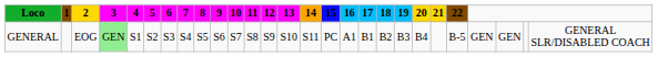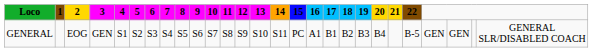 <table class="wikitable plainrowheaders unsortable" style="text-align:center">
 <tr>
 <th scope="col" rowspan="1" style="background:#12ad2b;"><span> Loco</span></th>
 <th scope="col" rowspan="1" style="background:#804a00;"><span> 1</span></th>
 <th scope="col" rowspan="1" style="background:#ffd801;"><span> 2</span></th>
 <th scope="col" rowspan="1" style="background:#ff00ff;"><span> 3</span></th>
 <th scope="col" rowspan="1" style="background:#ff00ff;"><span> 4</span></th>
 <th scope="col" rowspan="1" style="background:#ff00ff;"><span> 5</span></th>
 <th scope="col" rowspan="1" style="background:#ff00ff;"><span> 6</span></th>
 <th scope="col" rowspan="1" style="background:#ff00ff;"><span> 7</span></th>
 <th scope="col" rowspan="1" style="background:#ff00ff;"><span> 8</span></th>
 <th scope="col" rowspan="1" style="background:#ff00ff;"><span> 9</span></th>
 <th scope="col" rowspan="1" style="background:#ff00ff;"><span> 10</span></th>
 <th scope="col" rowspan="1" style="background:#ff00ff;"><span> 11</span></th>
 <th scope="col" rowspan="1" style="background:#ff00ff;"><span> 12</span></th>
 <th scope="col" rowspan="1" style="background:#ff00ff;"><span> 13</span></th>
 <th scope="col" rowspan="1" style="background:#ffa500;"><span> 14</span></th>
 <th scope="col" rowspan="1" style="background:#0909ff;"><span> 15</span></th>
 <th scope="col" rowspan="1" style="background:#00bfff;"><span> 16</span></th>
 <th scope="col" rowspan="1" style="background:#00bfff;"><span> 17</span></th>
 <th scope="col" rowspan="1" style="background:#00bfff;"><span> 18</span></th>
 <th scope="col" rowspan="1" style="background:#00bfff;"><span> 19</span></th>
 <th scope="col" rowspan="1" style="background:#ffd801;"><span> 20</span></th>
 <th scope="col" rowspan="1" style="background:#ffd801;"><span> 21</span></th>
 <th scope="col" rowspan="1" style="background:#804a00;"><span> 22</span></th>
 </tr>
 <tr>
 <td>GENERAL</td>
 <td></td>
 <td><span> EOG</span></td>
-<td style="background: lightgreen;"><span>GEN</span></td>
+<td><span>GEN</span></td>
 <td><span>S1</span></td>
 <td><span>S2</span></td>
 <td><span>S3</span></td>
 <td><span>S4</span></td>
 <td><span>S5</span></td>
 <td><span>S6</span></td>
 <td><span>S7</span></td>
 <td><span>S8</span></td>
 <td><span>S9</span></td>
 <td><span>S10</span></td>
 <td><span>S11</span></td>
 <td><span>PC</span></td>
 <td><span>A1</span></td>
 <td><span>B1</span></td>
 <td><span>B2</span></td>
 <td><span>B3</span></td>
 <td><span>B4</span></td>
 <td></td>
 <td>B-5</td>
 <td><span>GEN</span></td>
 <td><span>GEN</span></td>
 <td></td>
 <td>GENERAL<br><span>SLR/DISABLED COACH </span></td>
 </tr>
 </table>
